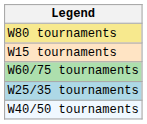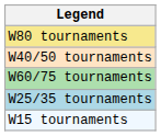 <table class="wikitable" style="font-size:85%">
 <tr>
 <th>Legend</th>
 </tr>
 <tr style="background:#f7e98e;">
 <td>W80 tournaments</td>
 </tr>
 <tr style="background:#ffe4c4;">
-<td>W15 tournaments</td>
+<td>W40/50 tournaments</td>
 </tr>
 <tr style="background:#addfad;">
 <td>W60/75 tournaments</td>
 </tr>
 <tr style="background:lightblue;">
 <td>W25/35 tournaments</td>
 </tr>
 <tr style="background:#f0f8ff;">
-<td>W40/50 tournaments</td>
+<td>W15 tournaments</td>
 </tr>
 </table>
